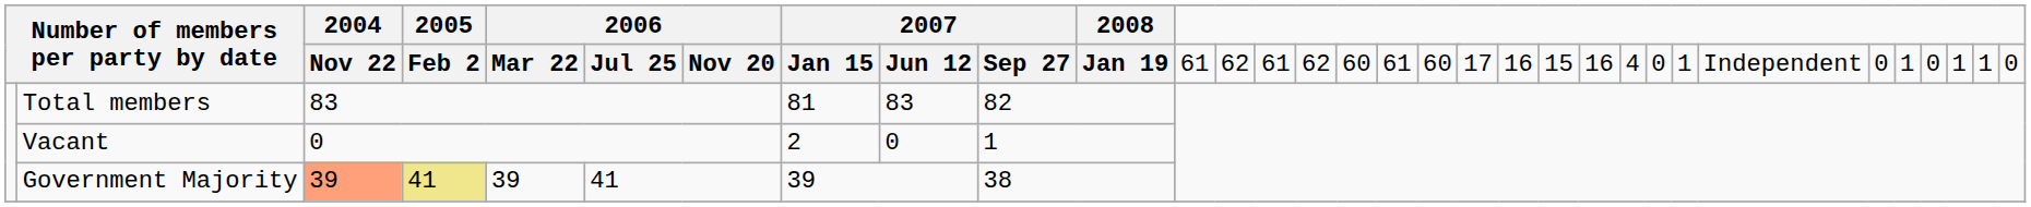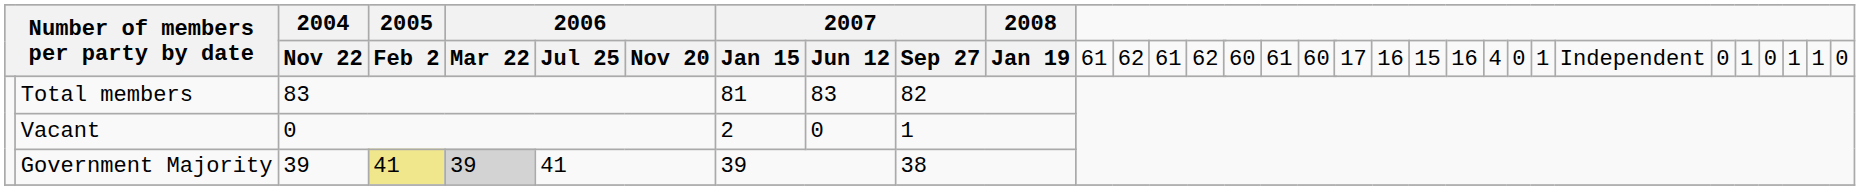 <table class="wikitable">
 <tr>
 <th colspan=2 rowspan=2>Number of members<br>per party by date</th>
 <th>2004</th>
 <th>2005</th>
 <th colspan=3>2006</th>
 <th colspan=3>2007</th>
 <th>2008</th>
 </tr>
 <tr>
 <th>Nov 22</th>
 <th>Feb 2</th>
 <th>Mar 22</th>
 <th>Jul 25</th>
 <th>Nov 20</th>
 <th>Jan 15</th>
 <th>Jun 12</th>
 <th>Sep 27</th>
 <th>Jan 19<br></th>
 <td>61</td>
 <td>62</td>
 <td>61</td>
 <td colspan=2>62</td>
 <td>60</td>
 <td>61</td>
 <td colspan=2>60<br></td>
 <td>17</td>
 <td colspan=3>16</td>
 <td colspan=2>15</td>
 <td colspan=3>16<br></td>
 <td colspan=9>4<br></td>
 <td colspan=8>0</td>
 <td>1<br></td>
 <td>Independent</td>
 <td colspan=2>0</td>
 <td>1</td>
 <td>0</td>
 <td colspan=5>1<br></td>
 <td colspan=8>1</td>
 <td>0</td>
 </tr>
 <tr>
 <td rowspan=3></td>
 <td>Total members</td>
 <td colspan=5>83</td>
 <td>81</td>
 <td>83</td>
 <td colspan=2>82</td>
 </tr>
 <tr>
 <td>Vacant</td>
 <td colspan=5>0</td>
 <td>2</td>
 <td>0</td>
 <td colspan=2>1</td>
 </tr>
 <tr>
 <td>Government Majority</td>
-<td style="background: lightsalmon;">39</td>
+<td>39</td>
 <td style="background: khaki;">41</td>
-<td>39</td>
+<td style="background: lightgrey;">39</td>
 <td colspan=2>41</td>
 <td colspan=2>39</td>
 <td colspan=2>38</td>
 </tr>
 </table>
